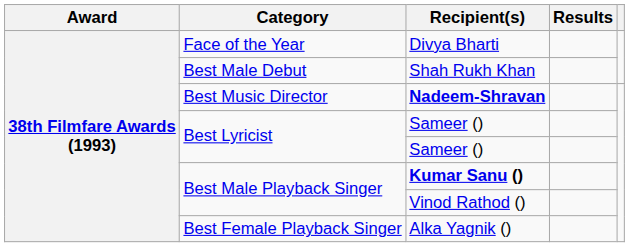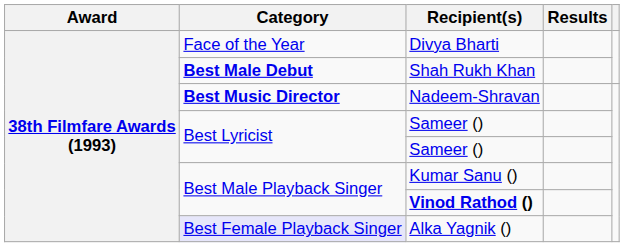 <table class="wikitable plainrowheaders sortable">
 <tr>
 <th>Award</th>
 <th>Category</th>
 <th>Recipient(s)</th>
 <th>Results</th>
 <th></th>
 </tr>
 <tr>
 <th rowspan="8"><a href='#'>38th Filmfare Awards</a><br>(1993)</th>
 <td><a href='#'>Face of the Year</a></td>
 <td><a href='#'>Divya Bharti</a></td>
 <td></td>
 <td style="text-align:center;" rowspan="2"><br></td>
 </tr>
 <tr>
-<td><a href='#'>Best Male Debut</a></td>
+<td><strong><a href='#'>Best Male Debut</a></strong></td>
 <td><a href='#'>Shah Rukh Khan</a></td>
 <td></td>
 </tr>
 <tr>
-<td><a href='#'>Best Music Director</a></td>
-<td><strong><a href='#'>Nadeem-Shravan</a></strong></td>
+<td><strong><a href='#'>Best Music Director</a></strong></td>
+<td><a href='#'>Nadeem-Shravan</a></td>
 <td></td>
 <td style="text-align:center;"  rowspan="6"><br></td>
 </tr>
 <tr>
 <td rowspan="2"><a href='#'>Best Lyricist</a></td>
 <td><a href='#'>Sameer</a> ()</td>
 <td></td>
 </tr>
 <tr>
 <td><a href='#'>Sameer</a> ()</td>
 <td></td>
 </tr>
 <tr>
 <td rowspan="2"><a href='#'>Best Male Playback Singer</a></td>
-<td><strong><a href='#'>Kumar Sanu</a> ()</strong></td>
+<td><a href='#'>Kumar Sanu</a> ()</td>
 <td></td>
 </tr>
 <tr>
-<td><a href='#'>Vinod Rathod</a> ()</td>
+<td><strong><a href='#'>Vinod Rathod</a> ()</strong></td>
 <td></td>
 </tr>
 <tr>
-<td><a href='#'>Best Female Playback Singer</a></td>
+<td style="background: lavender;"><a href='#'>Best Female Playback Singer</a></td>
 <td><a href='#'>Alka Yagnik</a> ()</td>
 <td></td>
 </tr>
 </table>
